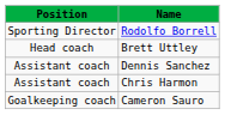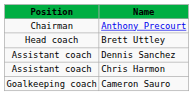 <table class="wikitable" style="text-align:center;">
 <tr>
 <th style="background:#00AE42; color:black;">Position</th>
 <th style="background:#00AE42; color:black;">Name</th>
 </tr>
 <tr>
-<td>Sporting Director</td>
-<td align=left> <a href='#'>Rodolfo Borrell</a></td>
+<td>Chairman</td>
+<td align=left> <a href='#'>Anthony Precourt</a></td>
 </tr>
 <tr>
 <td>Head coach</td>
 <td align=left> Brett Uttley</td>
 </tr>
 <tr>
 <td>Assistant coach</td>
 <td align=left> Dennis Sanchez</td>
 </tr>
 <tr>
 <td>Assistant coach</td>
 <td align=left> Chris Harmon</td>
 </tr>
 <tr>
 <td>Goalkeeping coach</td>
 <td align=left> Cameron Sauro</td>
 </tr>
 </table>
